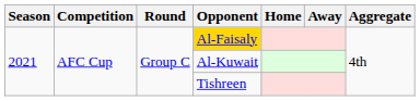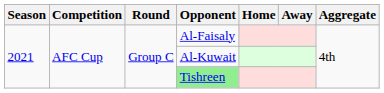 <table class="wikitable">
 <tr>
 <th>Season</th>
 <th>Competition</th>
 <th>Round</th>
 <th>Opponent</th>
 <th>Home</th>
 <th>Away</th>
 <th>Aggregate</th>
 </tr>
 <tr>
 <td rowspan=3><a href='#'>2021</a></td>
 <td rowspan=3><a href='#'>AFC Cup</a></td>
 <td rowspan=3><a href='#'>Group C</a></td>
-<td style="background: gold;"> <a href='#'>Al-Faisaly</a></td>
+<td> <a href='#'>Al-Faisaly</a></td>
 <td colspan=2 style="background:#fdd;"></td>
 <td rowspan=3>4th</td>
 </tr>
 <tr>
 <td> <a href='#'>Al-Kuwait</a></td>
 <td colspan=2 style="background:#dfd;"></td>
 </tr>
 <tr>
-<td> <a href='#'>Tishreen</a></td>
+<td style="background: lightgreen;"> <a href='#'>Tishreen</a></td>
 <td colspan=2 style="background:#fdd;"></td>
 </tr>
 </table>
